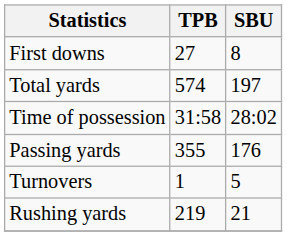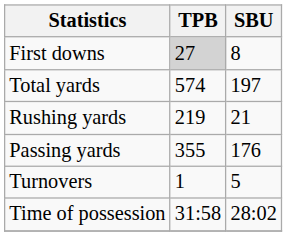 <table class="wikitable" style="float: left;">
 <tr>
 <th>Statistics</th>
 <th>TPB</th>
 <th>SBU</th>
 </tr>
 <tr>
 <td>First downs</td>
-<td>27</td>
+<td style="background: lightgrey;">27</td>
 <td>8</td>
 </tr>
 <tr>
 <td>Total yards</td>
 <td>574</td>
 <td>197</td>
 </tr>
 <tr>
-<td>Time of possession</td>
-<td>31:58</td>
-<td>28:02</td>
+<td>Rushing yards</td>
+<td>219</td>
+<td>21</td>
 </tr>
 <tr>
 <td>Passing yards</td>
 <td>355</td>
 <td>176</td>
 </tr>
 <tr>
 <td>Turnovers</td>
 <td>1</td>
 <td>5</td>
 </tr>
 <tr>
-<td>Rushing yards</td>
-<td>219</td>
-<td>21</td>
+<td>Time of possession</td>
+<td>31:58</td>
+<td>28:02</td>
 </tr>
 <tr>
 </tr>
 </table>
